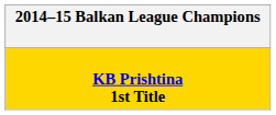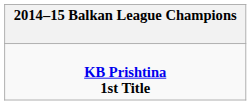 <table class="wikitable" style="margin: 0 auto; width: 30%;">
 <tr>
 <th>2014–15 Balkan League Champions<br><br></th>
 </tr>
 <tr>
-<td align=center style="background: gold;"><br><strong><a href='#'>KB Prishtina</a></strong><br><strong>1st Title</strong></td>
+<td align=center><br><strong><a href='#'>KB Prishtina</a></strong><br><strong>1st Title</strong></td>
 </tr>
 </table>
